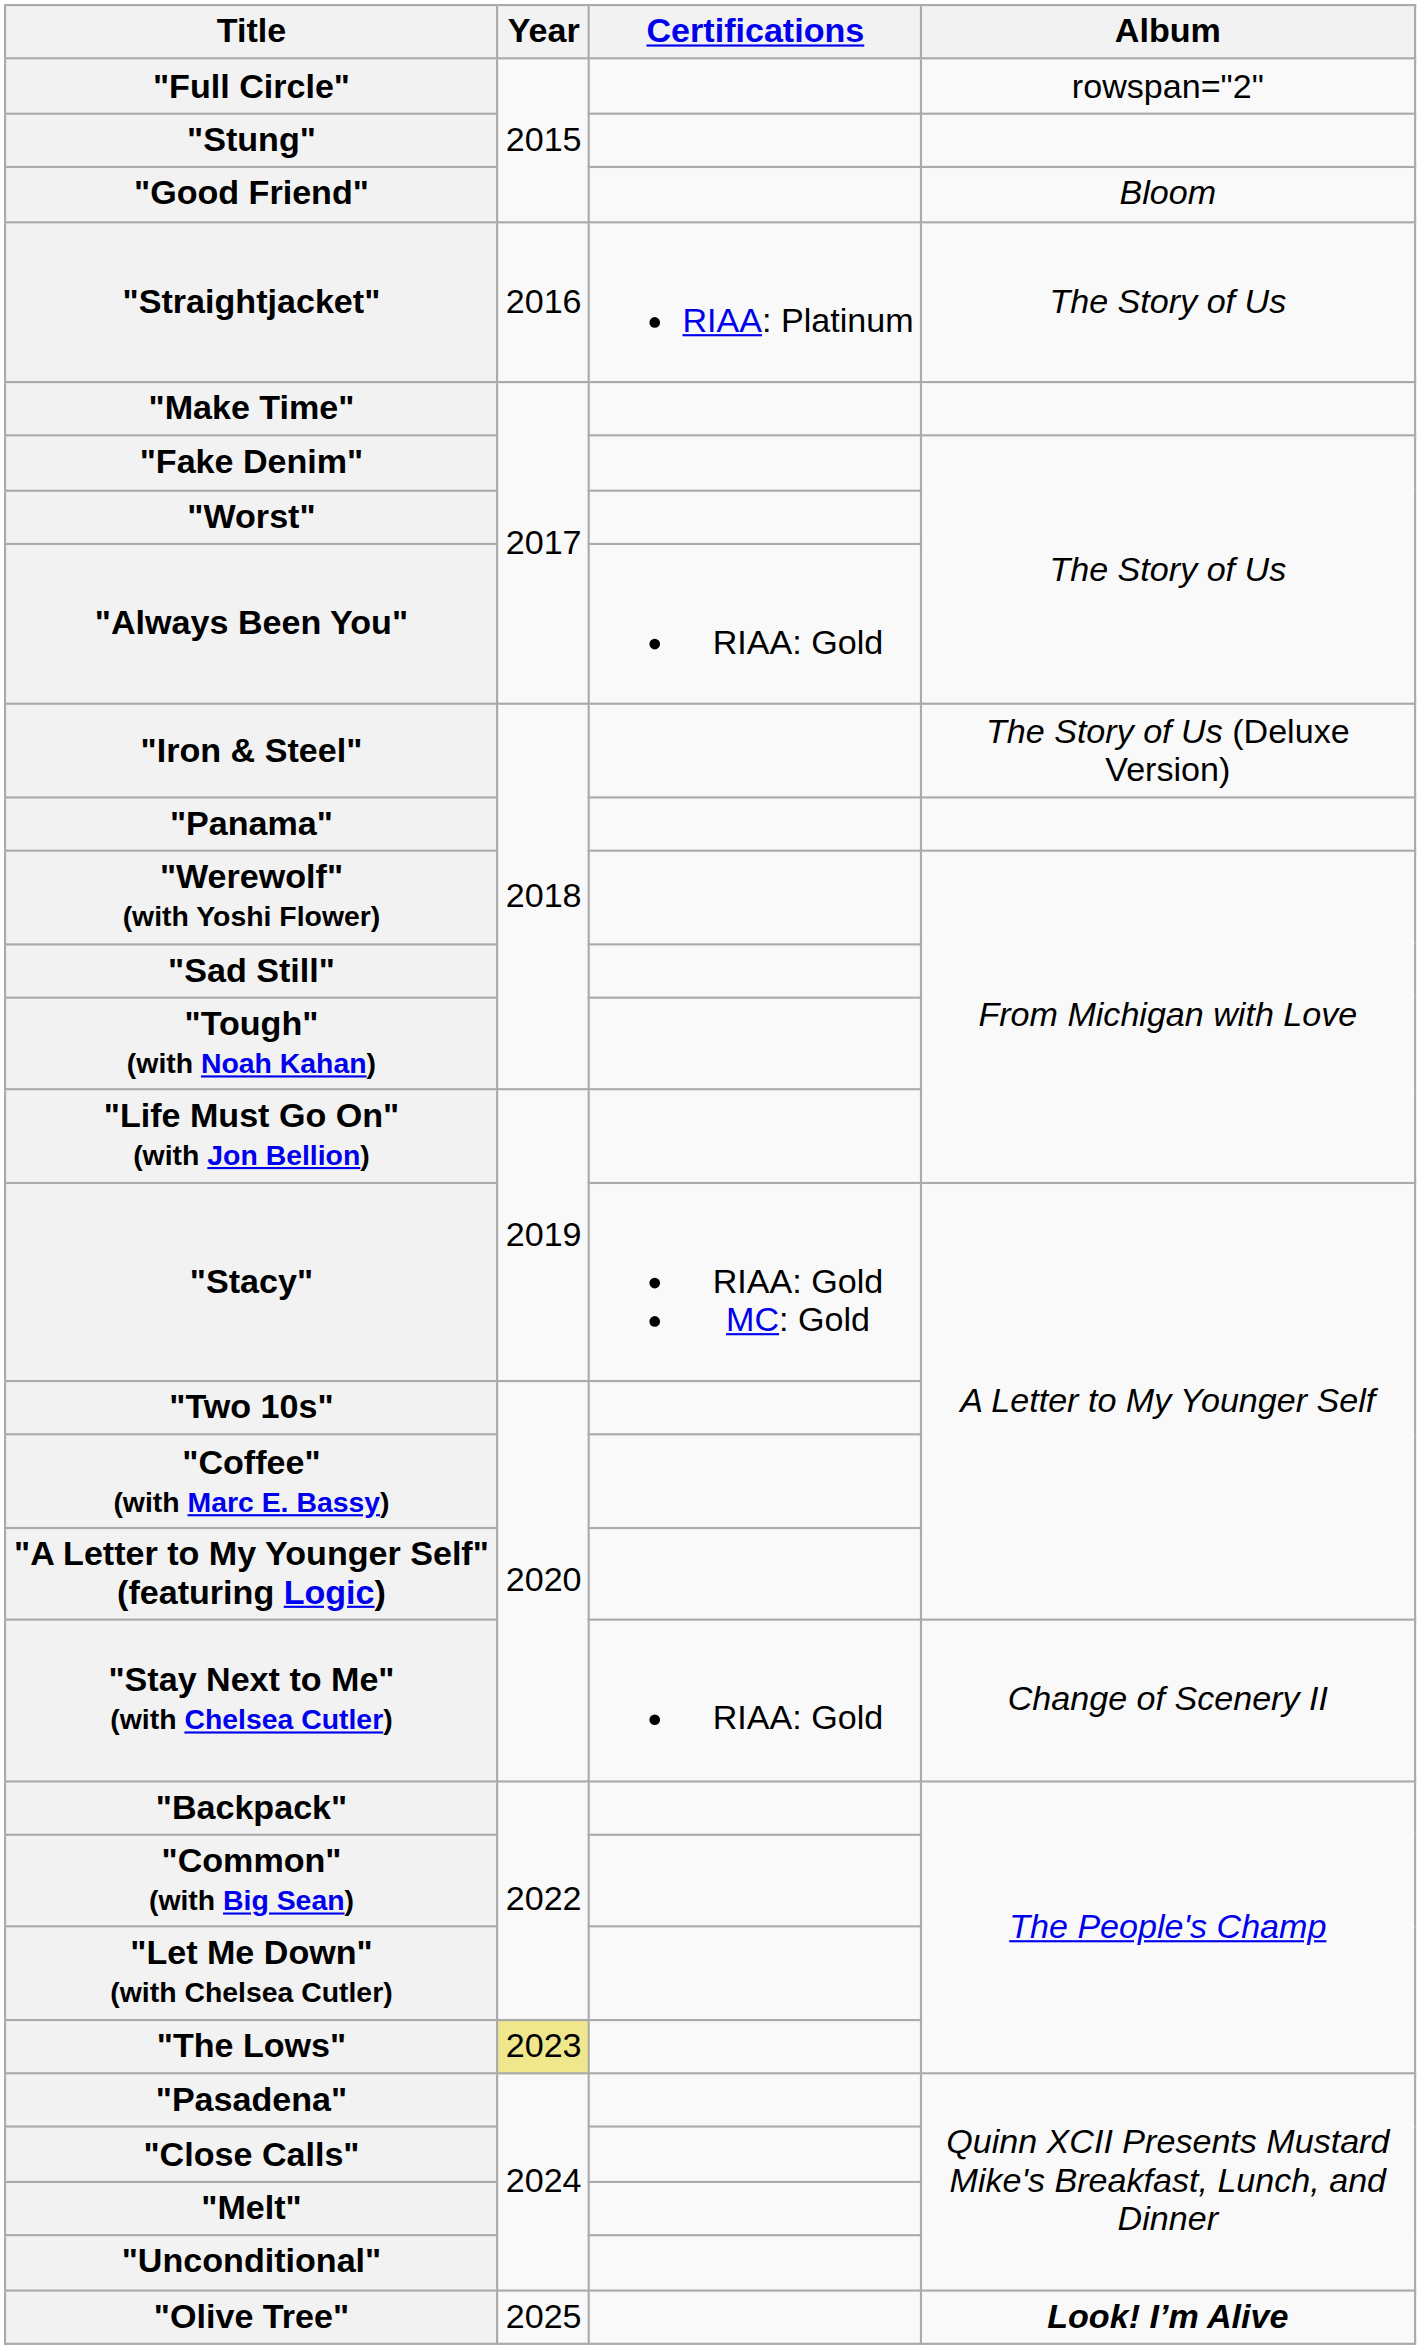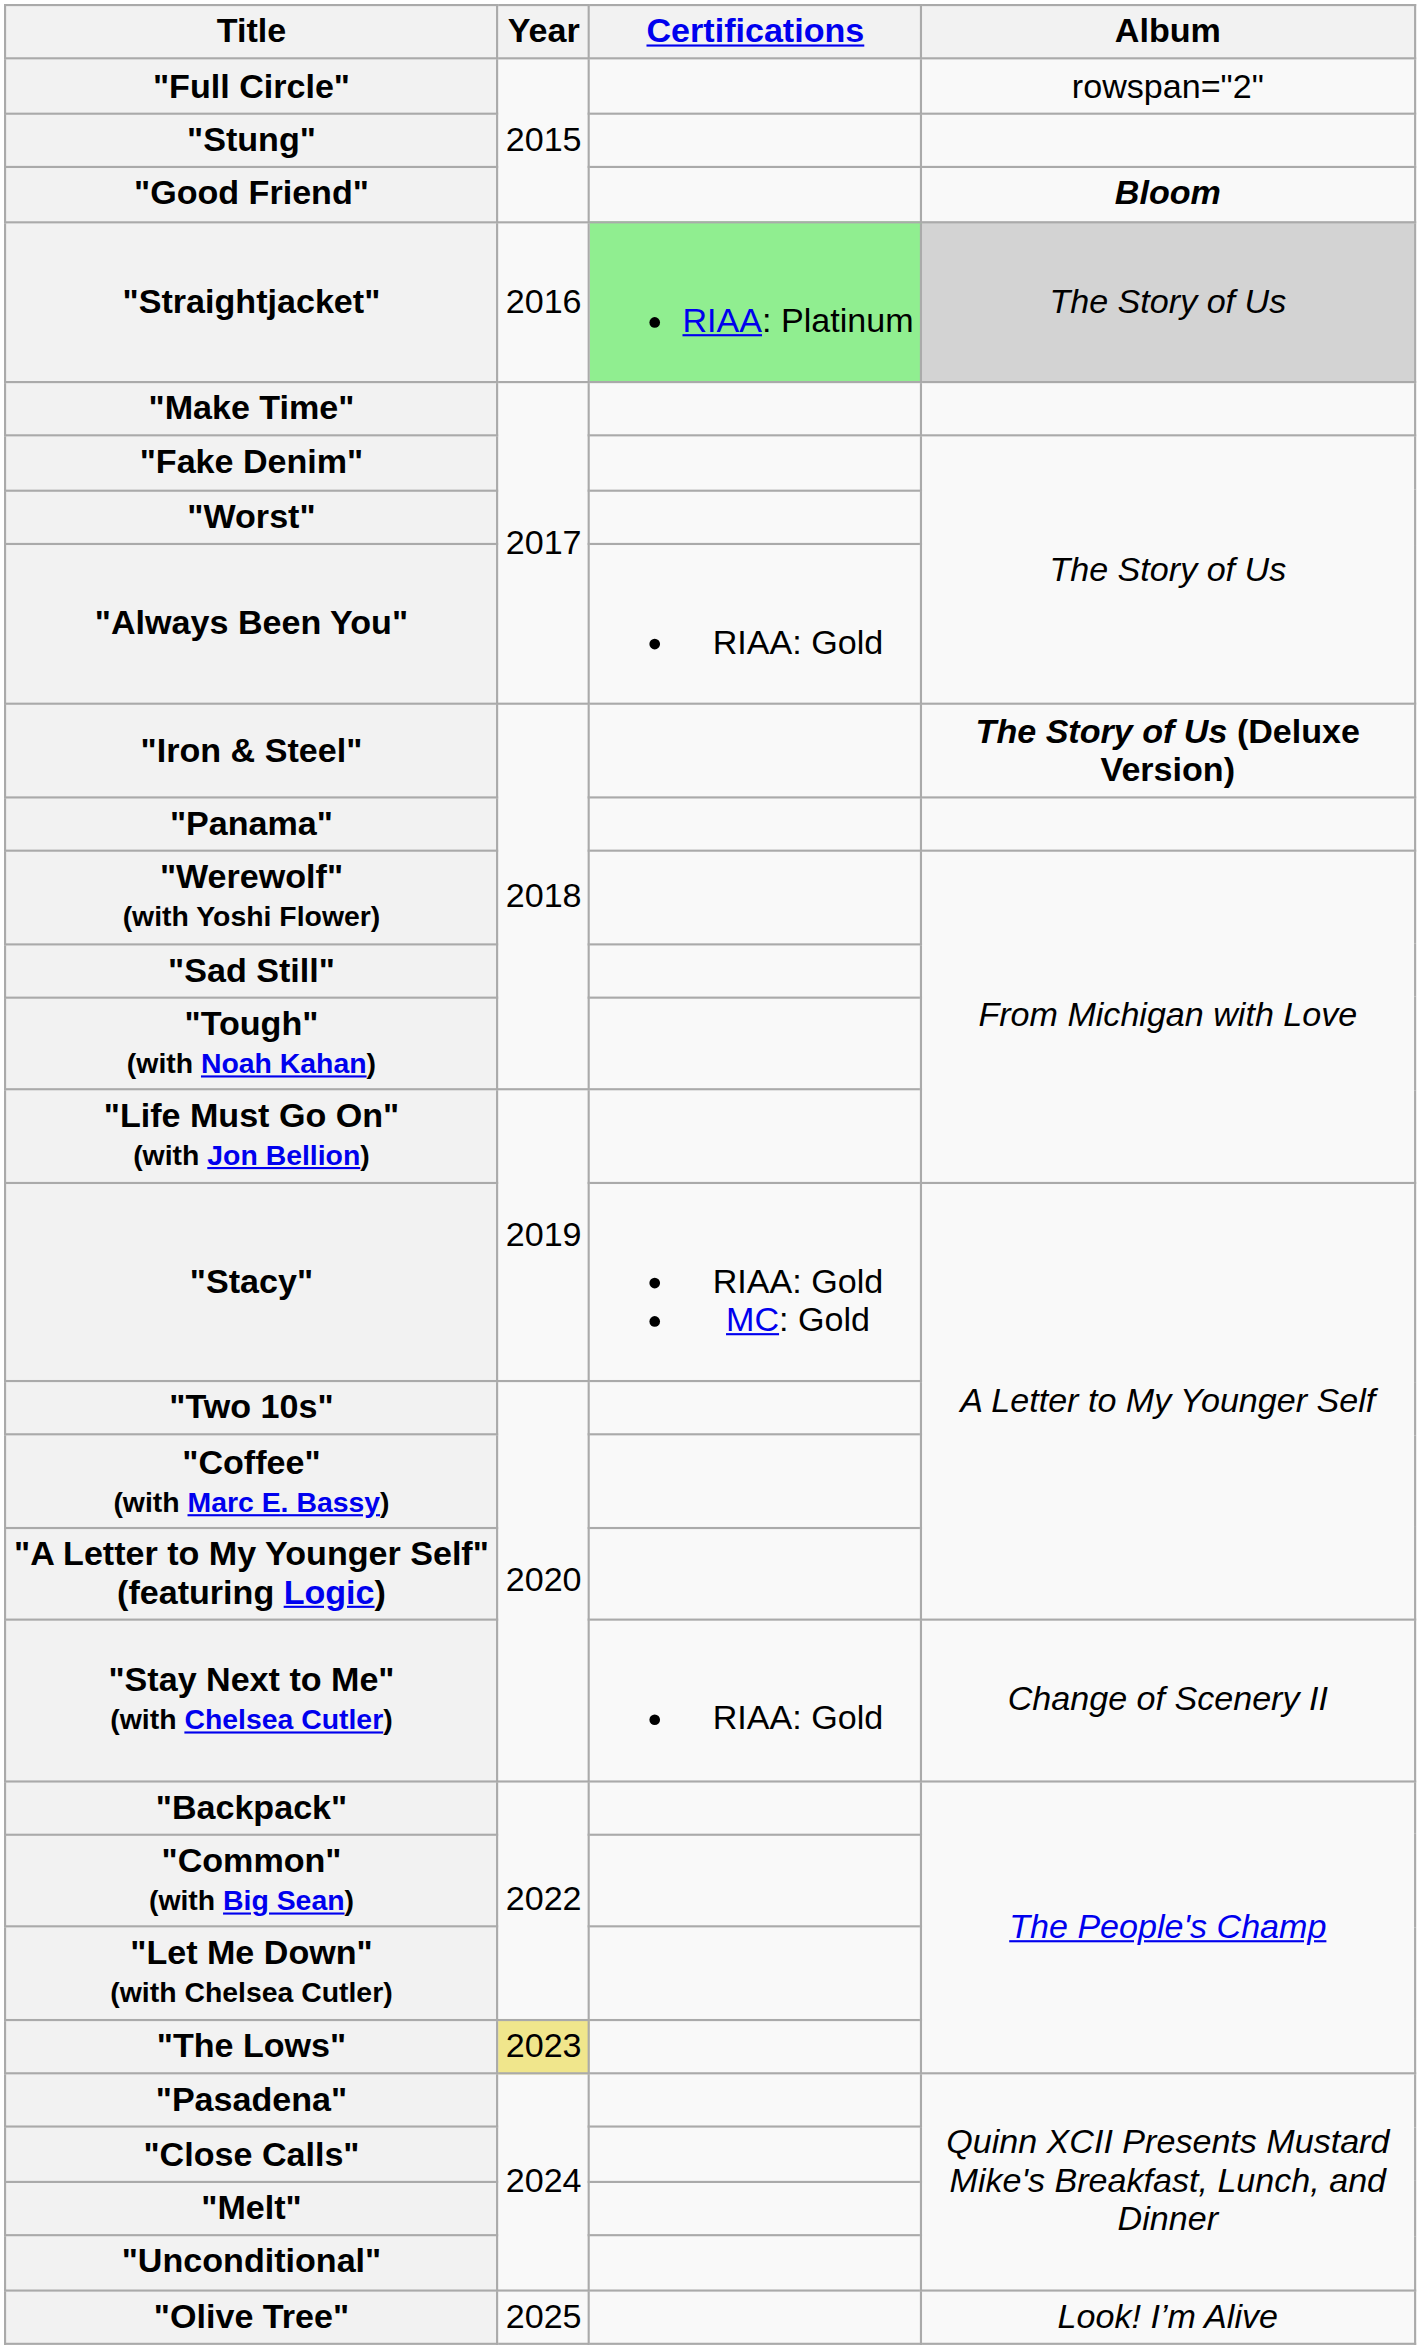 <table class="wikitable plainrowheaders" style="text-align:center;">
 <tr>
 <th scope="col" style="width:14em;">Title</th>
 <th scope="col" style="width:1em;">Year</th>
 <th scope="col"><a href='#'>Certifications</a></th>
 <th scope="col" style="width:14em;">Album</th>
 </tr>
 <tr>
 <th scope="row">"Full Circle"</th>
 <td rowspan="3">2015</td>
 <td></td>
 <td>rowspan="2" </td>
 </tr>
 <tr>
 <th scope="row">"Stung"</th>
 <td></td>
 </tr>
 <tr>
 <th scope="row">"Good Friend"</th>
 <td></td>
-<td><em>Bloom</em></td>
+<td><strong><em>Bloom</em></strong></td>
 </tr>
 <tr>
 <th scope="row">"Straightjacket"</th>
 <td>2016</td>
-<td><br><ul><li><a href='#'>RIAA</a>: Platinum</li></ul></td>
-<td><em>The Story of Us</em></td>
+<td style="background: lightgreen;"><br><ul><li><a href='#'>RIAA</a>: Platinum</li></ul></td>
+<td style="background: lightgrey;"><em>The Story of Us</em></td>
 </tr>
 <tr>
 <th scope="row">"Make Time"</th>
 <td rowspan="4">2017</td>
 <td></td>
 <td></td>
 </tr>
 <tr>
 <th scope="row">"Fake Denim"</th>
 <td></td>
 <td rowspan="3"><em>The Story of Us</em></td>
 </tr>
 <tr>
 <th scope="row">"Worst"</th>
 <td></td>
 </tr>
 <tr>
 <th scope="row">"Always Been You"</th>
 <td><br><ul><li>RIAA: Gold</li></ul></td>
 </tr>
 <tr>
 <th scope="row">"Iron & Steel"</th>
 <td rowspan="5">2018</td>
 <td></td>
-<td><em>The Story of Us</em> (Deluxe Version)</td>
+<td><strong><em>The Story of Us</em> (Deluxe Version)</strong></td>
 </tr>
 <tr>
 <th scope="row">"Panama"</th>
 <td></td>
 <td></td>
 </tr>
 <tr>
 <th scope="row">"Werewolf" <br><small>(with Yoshi Flower)</small></th>
 <td></td>
 <td rowspan="4"><em>From Michigan with Love</em></td>
 </tr>
 <tr>
 <th scope="row">"Sad Still"</th>
 <td></td>
 </tr>
 <tr>
 <th scope="row">"Tough"<br><small>(with <a href='#'>Noah Kahan</a>)</small></th>
 <td></td>
 </tr>
 <tr>
 <th scope="row">"Life Must Go On"<br><small>(with <a href='#'>Jon Bellion</a>)</small></th>
 <td rowspan="2">2019</td>
 <td></td>
 </tr>
 <tr>
 <th scope="row">"Stacy"</th>
 <td><br><ul><li>RIAA: Gold</li><li><a href='#'>MC</a>: Gold</li></ul></td>
 <td rowspan="4"><em>A Letter to My Younger Self</em></td>
 </tr>
 <tr>
 <th scope="row">"Two 10s"</th>
 <td rowspan="4">2020</td>
 <td></td>
 </tr>
 <tr>
 <th scope="row">"Coffee"<br><small>(with <a href='#'>Marc E. Bassy</a>)</small></th>
 <td></td>
 </tr>
 <tr>
 <th scope="row">"A Letter to My Younger Self"<br><span>(featuring <a href='#'>Logic</a>)</span></th>
 <td></td>
 </tr>
 <tr>
 <th scope="row">"Stay Next to Me"<br><small>(with <a href='#'>Chelsea Cutler</a>)</small></th>
 <td><br><ul><li>RIAA: Gold</li></ul></td>
 <td><em>Change of Scenery II</em></td>
 </tr>
 <tr>
 <th scope="row">"Backpack"</th>
 <td rowspan="3”">2022</td>
 <td></td>
 <td rowspan="4”"><em><a href='#'>The People's Champ</a></em></td>
 </tr>
 <tr>
 <th scope="row">"Common"<br><small>(with <a href='#'>Big Sean</a>)</small></th>
 <td></td>
 </tr>
 <tr>
 <th scope="row">"Let Me Down"<br><small>(with Chelsea Cutler)</small></th>
 <td></td>
 </tr>
 <tr>
 <th scope="row">"The Lows"</th>
 <td style="background: khaki;">2023</td>
 <td></td>
 </tr>
 <tr>
 <th scope="row">"Pasadena"</th>
 <td rowspan="4">2024</td>
 <td></td>
 <td rowspan="4"><em>Quinn XCII Presents Mustard Mike's Breakfast, Lunch, and Dinner</em></td>
 </tr>
 <tr>
 <th scope="row">"Close Calls"</th>
 <td></td>
 </tr>
 <tr>
 <th scope="row">"Melt"</th>
 <td></td>
 </tr>
 <tr>
 <th scope="row">"Unconditional"</th>
 <td></td>
 </tr>
 <tr>
 <th scope="row">"Olive Tree"</th>
 <td rowspan="5">2025</td>
 <td></td>
-<td><strong><em>Look! I’m Alive</em></strong></td>
+<td><em>Look! I’m Alive</em></td>
 </tr>
 </table>
